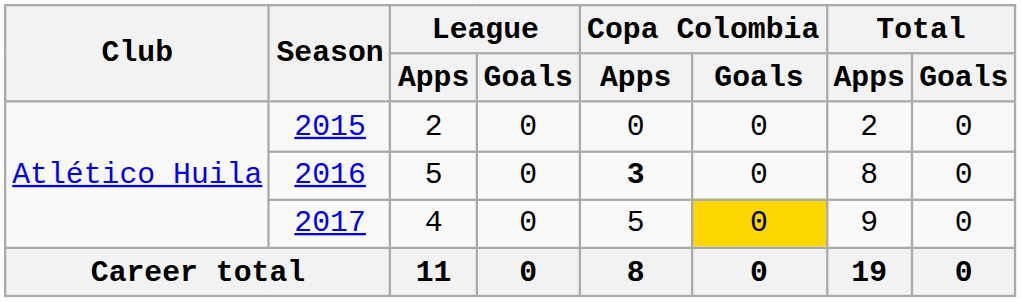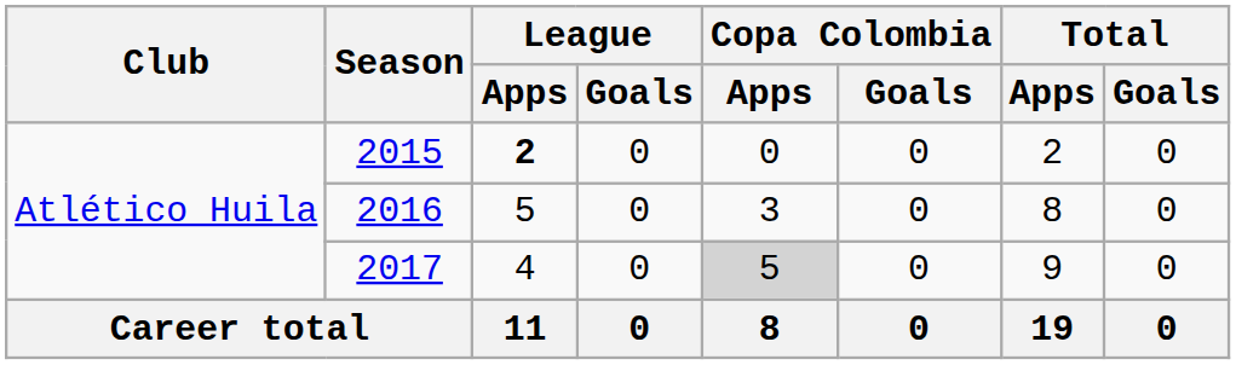 <table class="wikitable" style="text-align: center;">
 <tr>
 <th rowspan="2">Club</th>
 <th rowspan="2">Season</th>
 <th colspan="2">League</th>
 <th colspan="2">Copa Colombia</th>
 <th colspan="2">Total</th>
 </tr>
 <tr>
 <th>Apps</th>
 <th>Goals</th>
 <th>Apps</th>
 <th>Goals</th>
 <th>Apps</th>
 <th>Goals</th>
 </tr>
 <tr>
 <td rowspan="3"><a href='#'>Atlético Huila</a></td>
 <td><a href='#'>2015</a></td>
-<td>2</td>
+<td><strong>2</strong></td>
 <td>0</td>
 <td>0</td>
 <td>0</td>
 <td>2</td>
 <td>0</td>
 </tr>
 <tr>
 <td><a href='#'>2016</a></td>
 <td>5</td>
 <td>0</td>
-<td><strong>3</strong></td>
+<td>3</td>
 <td>0</td>
 <td>8</td>
 <td>0</td>
 </tr>
 <tr>
 <td><a href='#'>2017</a></td>
 <td>4</td>
 <td>0</td>
-<td>5</td>
-<td style="background: gold;">0</td>
+<td style="background: lightgrey;">5</td>
+<td>0</td>
 <td>9</td>
 <td>0</td>
 </tr>
 <tr>
 <th colspan="2">Career total</th>
 <th>11</th>
 <th>0</th>
 <th>8</th>
 <th>0</th>
 <th>19</th>
 <th>0</th>
 </tr>
 </table>
